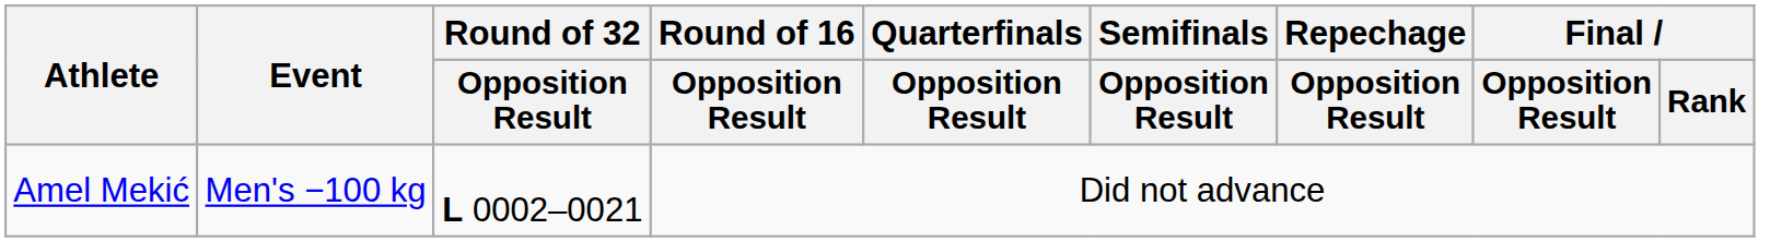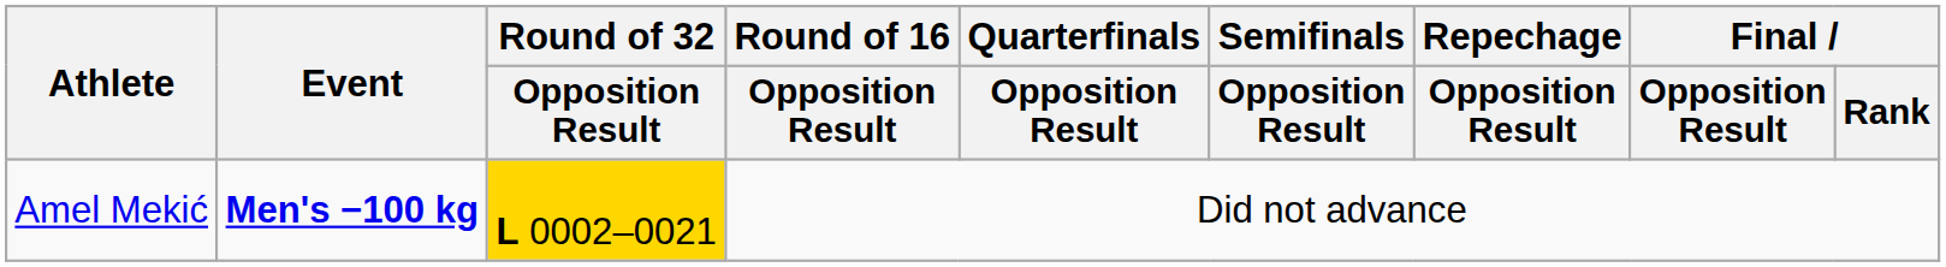 <table class="wikitable" style="font-size:90%">
 <tr>
 <th rowspan="2">Athlete</th>
 <th rowspan="2">Event</th>
 <th>Round of 32</th>
 <th>Round of 16</th>
 <th>Quarterfinals</th>
 <th>Semifinals</th>
 <th>Repechage</th>
 <th colspan=2>Final / </th>
 </tr>
 <tr style="font-size:95%">
 <th>Opposition<br>Result</th>
 <th>Opposition<br>Result</th>
 <th>Opposition<br>Result</th>
 <th>Opposition<br>Result</th>
 <th>Opposition<br>Result</th>
 <th>Opposition<br>Result</th>
 <th>Rank</th>
 </tr>
 <tr align=center>
 <td align=left><a href='#'>Amel Mekić</a></td>
-<td align=left><a href='#'>Men's −100 kg</a></td>
-<td><br><strong>L</strong> 0002–0021</td>
+<td align=left><strong><a href='#'>Men's −100 kg</a></strong></td>
+<td style="background: gold;"><br><strong>L</strong> 0002–0021</td>
 <td colspan=6>Did not advance</td>
 </tr>
 </table>
